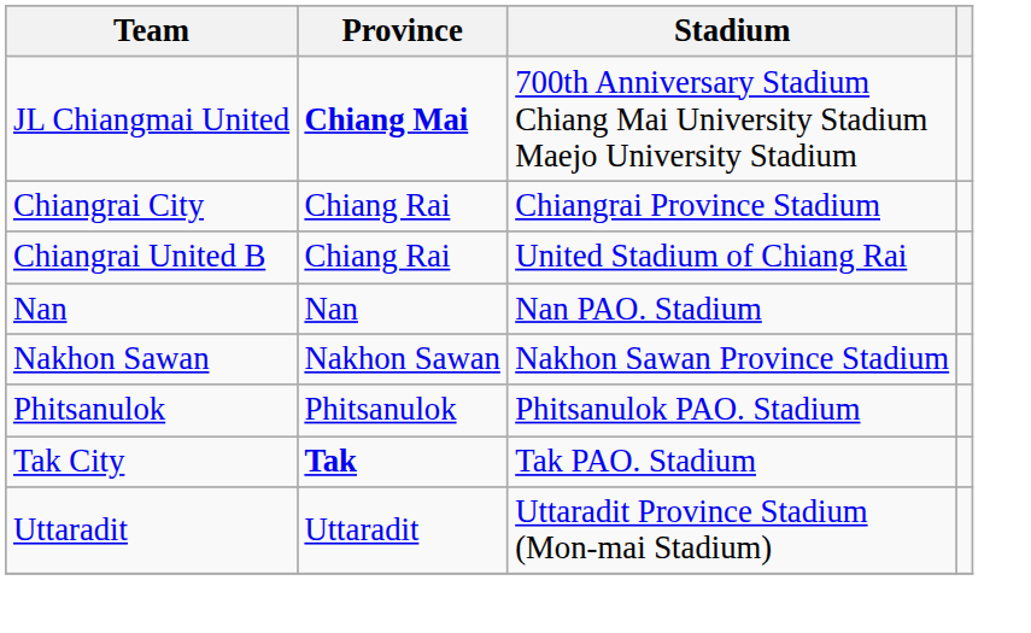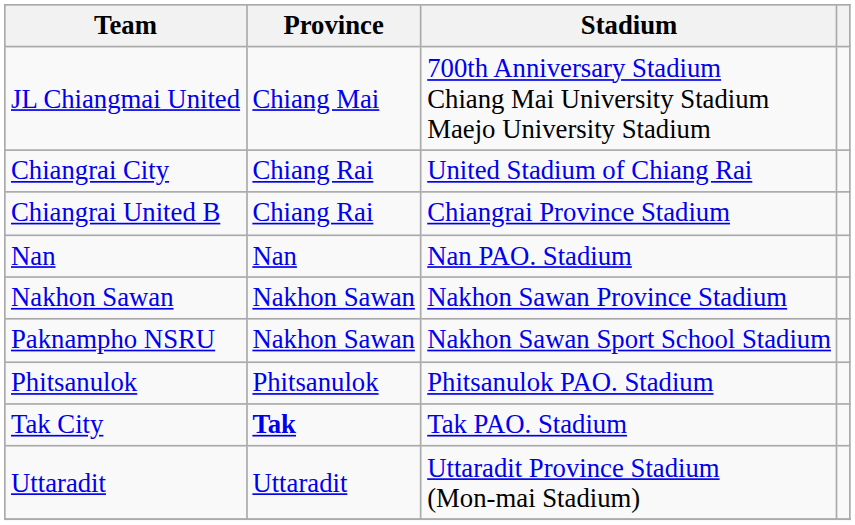 <table class="wikitable sortable">
 <tr>
 <th>Team</th>
 <th>Province</th>
 <th>Stadium</th>
 <th class="unsortable"></th>
 </tr>
 <tr>
 <td><a href='#'>JL Chiangmai United</a></td>
-<td><strong><a href='#'>Chiang Mai</a></strong></td>
+<td><a href='#'>Chiang Mai</a></td>
 <td><a href='#'>700th Anniversary Stadium</a><br>Chiang Mai University Stadium<br> Maejo University Stadium<br></td>
 <td></td>
 </tr>
 <tr>
 <td><a href='#'>Chiangrai City</a></td>
 <td><a href='#'>Chiang Rai</a></td>
-<td><a href='#'>Chiangrai Province Stadium</a></td>
+<td><a href='#'>United Stadium of Chiang Rai</a></td>
 <td></td>
 </tr>
 <tr>
 <td><a href='#'>Chiangrai United B</a></td>
 <td><a href='#'>Chiang Rai</a></td>
-<td><a href='#'>United Stadium of Chiang Rai</a></td>
+<td><a href='#'>Chiangrai Province Stadium</a></td>
 <td></td>
 </tr>
 <tr>
 <td><a href='#'>Nan</a></td>
 <td><a href='#'>Nan</a></td>
 <td><a href='#'>Nan PAO. Stadium</a></td>
 <td></td>
 </tr>
 <tr>
 <td><a href='#'>Nakhon Sawan</a></td>
 <td><a href='#'>Nakhon Sawan</a></td>
 <td><a href='#'>Nakhon Sawan Province Stadium</a></td>
+<td></td>
+</tr>
+<tr>
+<td><a href='#'>Paknampho NSRU</a></td>
+<td><a href='#'>Nakhon Sawan</a></td>
+<td><a href='#'>Nakhon Sawan Sport School Stadium</a></td>
 <td></td>
 </tr>
 <tr>
 <td><a href='#'>Phitsanulok</a></td>
 <td><a href='#'>Phitsanulok</a></td>
 <td><a href='#'>Phitsanulok PAO. Stadium</a></td>
 <td></td>
 </tr>
 <tr>
 <td><a href='#'>Tak City</a></td>
 <td><strong><a href='#'>Tak</a></strong></td>
 <td><a href='#'>Tak PAO. Stadium</a></td>
 <td></td>
 </tr>
 <tr>
 <td><a href='#'>Uttaradit</a></td>
 <td><a href='#'>Uttaradit</a></td>
 <td><a href='#'>Uttaradit Province Stadium</a><br>(Mon-mai Stadium)</td>
 <td></td>
 </tr>
 <tr>
 </tr>
 </table>
